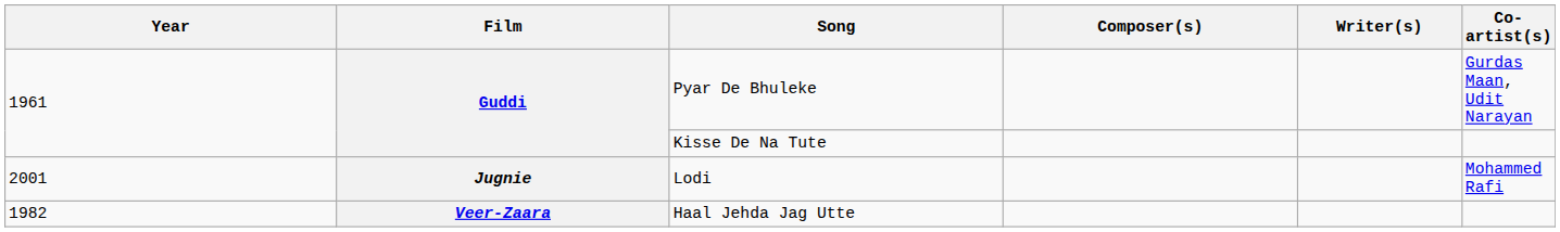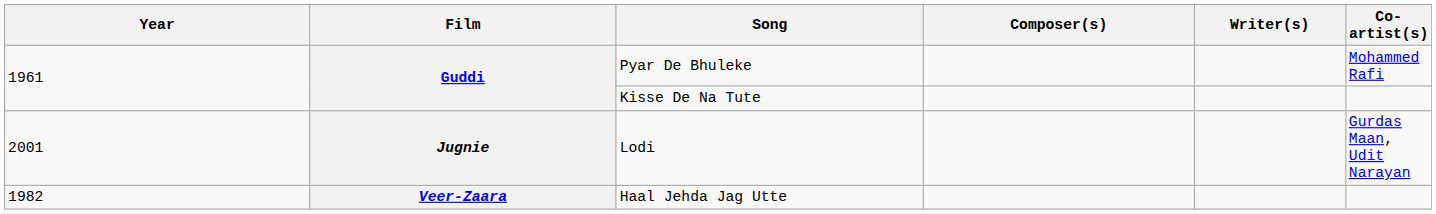 <table class="wikitable plainrowheaders" style="width:100%; textcolor:#000">
 <tr style="background:#b0e0e66;">
 <th scope="col" style="width:23%;"><strong>Year</strong></th>
 <th scope="col" style="width:23%;"><strong>Film</strong></th>
 <th scope="col" style="width:23%;"><strong>Song</strong></th>
 <th scope="col" style="width:20%;"><strong>Composer(s)</strong></th>
 <th scope="col" style="width:16%;"><strong>Writer(s)</strong></th>
 <th scope="col" style="width:18%;"><strong>Co-artist(s)</strong></th>
 </tr>
 <tr>
 <td rowspan=2>1961</td>
 <th Rowspan=2><a href='#'>Guddi</a></th>
 <td>Pyar De Bhuleke</td>
 <td></td>
 <td></td>
-<td><a href='#'>Gurdas Maan</a>, <a href='#'>Udit Narayan</a></td>
+<td><a href='#'>Mohammed Rafi</a></td>
 </tr>
 <tr>
 <td>Kisse De Na Tute</td>
 <td></td>
 <td></td>
 <td></td>
 </tr>
 <tr>
 <td>2001</td>
 <th><em>Jugnie</em></th>
 <td>Lodi</td>
 <td></td>
 <td></td>
-<td><a href='#'>Mohammed Rafi</a></td>
+<td><a href='#'>Gurdas Maan</a>, <a href='#'>Udit Narayan</a></td>
 </tr>
 <tr>
 <td>1982</td>
 <th><em><a href='#'>Veer-Zaara</a></em></th>
 <td>Haal Jehda Jag Utte</td>
 <td></td>
 <td></td>
 <td></td>
 </tr>
 </table>
